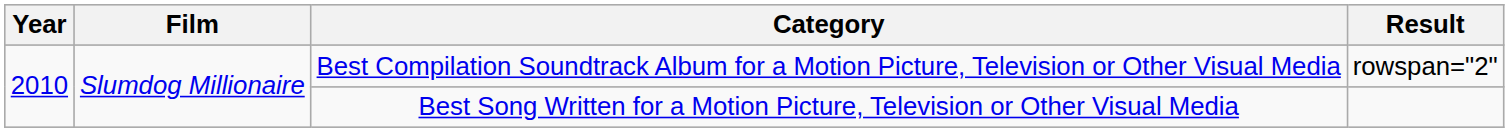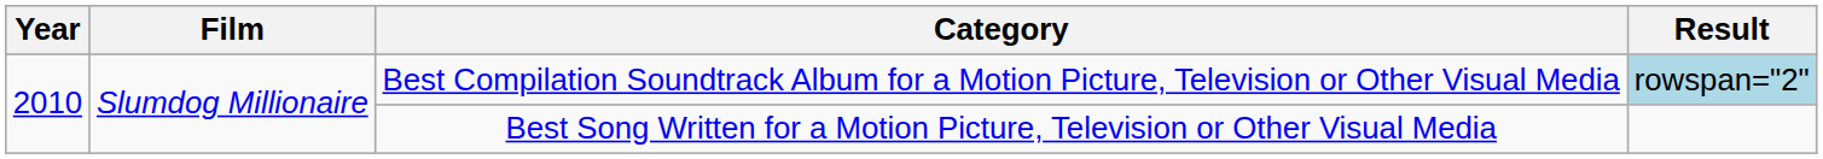 <table class="wikitable">
 <tr>
 <th>Year</th>
 <th>Film</th>
 <th>Category</th>
 <th>Result</th>
 </tr>
 <tr>
 <td style="text-align:center;" rowspan="2"><a href='#'>2010</a></td>
 <td style="text-align:center;" rowspan="2"><em><a href='#'>Slumdog Millionaire</a></em></td>
 <td style="text-align:center;"><a href='#'>Best Compilation Soundtrack Album for a Motion Picture, Television or Other Visual Media</a></td>
-<td>rowspan="2" </td>
+<td style="background: lightblue;">rowspan="2" </td>
 </tr>
 <tr>
 <td style="text-align:center;"><a href='#'>Best Song Written for a Motion Picture, Television or Other Visual Media</a> <br></td>
 </tr>
 </table>
